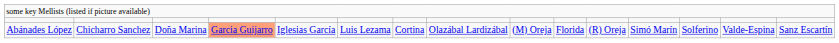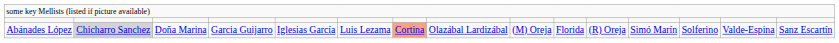 <table class="wikitable">
 <tr style="font-size: small;">
 <td colspan="15" style="text-align:left;">some key Mellists (listed if picture available)</td>
 </tr>
 <tr>
 <td></td>
 <td></td>
 <td></td>
 <td></td>
 <td></td>
 <td></td>
 <td></td>
 <td></td>
 <td></td>
 <td></td>
 <td></td>
 <td></td>
 <td></td>
 <td></td>
 <td></td>
 </tr>
 <tr>
 <td><a href='#'>Abánades López</a></td>
-<td><a href='#'>Chicharro Sanchez</a></td>
+<td style="background: lightgrey;"><a href='#'>Chicharro Sanchez</a></td>
 <td><a href='#'>Doña Marina</a></td>
-<td style="background: lightsalmon;"><a href='#'>Garcia Guijarro</a></td>
+<td><a href='#'>Garcia Guijarro</a></td>
 <td><a href='#'>Iglesias García</a></td>
 <td><a href='#'>Luis Lezama</a></td>
-<td><a href='#'>Cortina</a></td>
+<td style="background: lightsalmon;"><a href='#'>Cortina</a></td>
 <td><a href='#'>Olazábal Lardizábal</a></td>
 <td><a href='#'>(M) Oreja</a></td>
 <td><a href='#'>Florida</a></td>
 <td><a href='#'>(R) Oreja</a></td>
 <td><a href='#'>Simó Marín</a></td>
 <td><a href='#'>Solferino</a></td>
 <td><a href='#'>Valde-Espina</a></td>
 <td><a href='#'>Sanz Escartín</a></td>
 </tr>
 </table>
